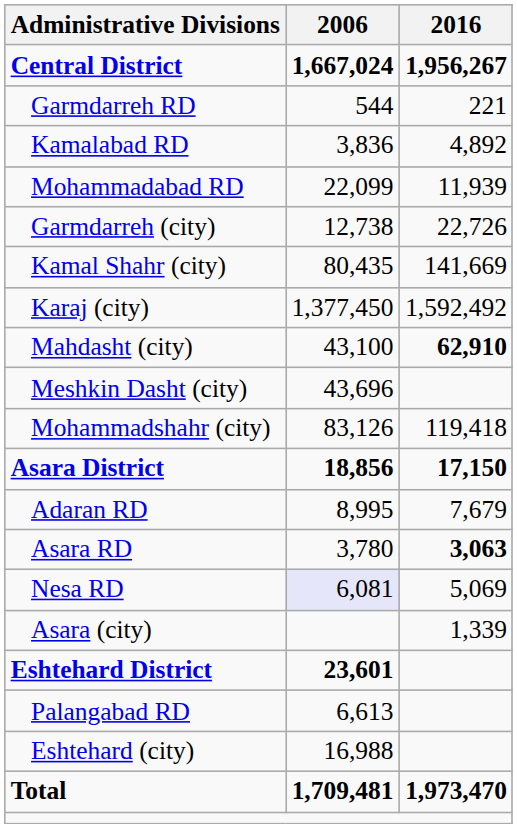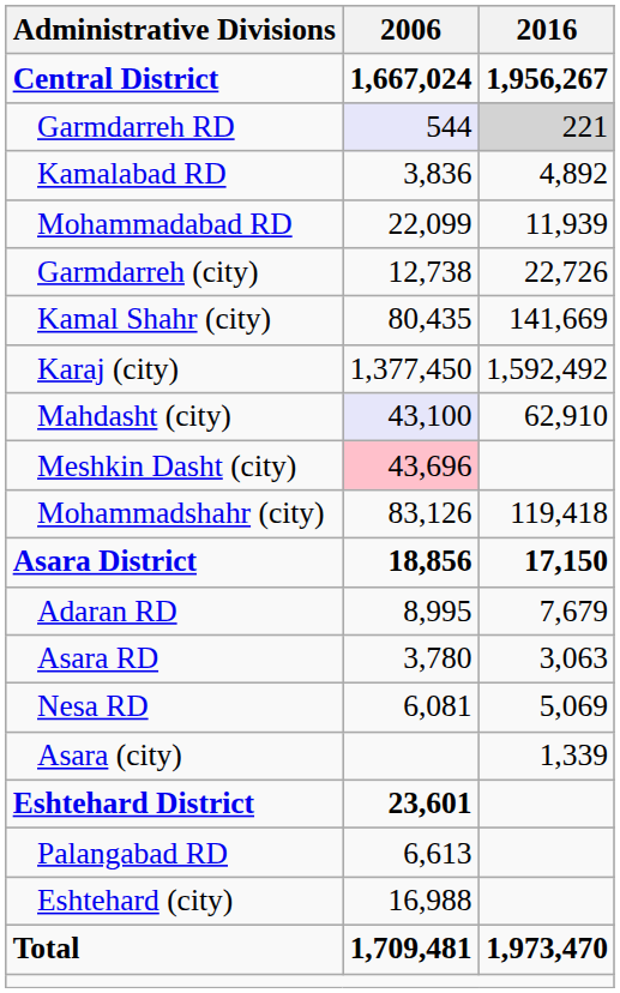 <table class="wikitable">
 <tr>
 <th>Administrative Divisions</th>
 <th>2006</th>
 <th>2016</th>
 </tr>
 <tr>
 <td><strong><a href='#'>Central District</a></strong></td>
 <td style="text-align: right;"><strong>1,667,024</strong></td>
 <td style="text-align: right;"><strong>1,956,267</strong></td>
 </tr>
 <tr>
 <td style="padding-left: 1em;"><a href='#'>Garmdarreh RD</a></td>
-<td style="text-align: right;">544</td>
-<td style="text-align: right;">221</td>
+<td style="background: lavender; text-align: right;">544</td>
+<td style="background: lightgrey; text-align: right;">221</td>
 </tr>
 <tr>
 <td style="padding-left: 1em;"><a href='#'>Kamalabad RD</a></td>
 <td style="text-align: right;">3,836</td>
 <td style="text-align: right;">4,892</td>
 </tr>
 <tr>
 <td style="padding-left: 1em;"><a href='#'>Mohammadabad RD</a></td>
 <td style="text-align: right;">22,099</td>
 <td style="text-align: right;">11,939</td>
 </tr>
 <tr>
 <td style="padding-left: 1em;"><a href='#'>Garmdarreh</a> (city)</td>
 <td style="text-align: right;">12,738</td>
 <td style="text-align: right;">22,726</td>
 </tr>
 <tr>
 <td style="padding-left: 1em;"><a href='#'>Kamal Shahr</a> (city)</td>
 <td style="text-align: right;">80,435</td>
 <td style="text-align: right;">141,669</td>
 </tr>
 <tr>
 <td style="padding-left: 1em;"><a href='#'>Karaj</a> (city)</td>
 <td style="text-align: right;">1,377,450</td>
 <td style="text-align: right;">1,592,492</td>
 </tr>
 <tr>
 <td style="padding-left: 1em;"><a href='#'>Mahdasht</a> (city)</td>
-<td style="text-align: right;">43,100</td>
-<td style="text-align: right;"><strong>62,910</strong></td>
+<td style="background: lavender; text-align: right;">43,100</td>
+<td style="text-align: right;">62,910</td>
 </tr>
 <tr>
 <td style="padding-left: 1em;"><a href='#'>Meshkin Dasht</a> (city)</td>
-<td style="text-align: right;">43,696</td>
+<td style="background: pink; text-align: right;">43,696</td>
 <td style="text-align: right;"></td>
 </tr>
 <tr>
 <td style="padding-left: 1em;"><a href='#'>Mohammadshahr</a> (city)</td>
 <td style="text-align: right;">83,126</td>
 <td style="text-align: right;">119,418</td>
 </tr>
 <tr>
 <td><strong><a href='#'>Asara District</a></strong></td>
 <td style="text-align: right;"><strong>18,856</strong></td>
 <td style="text-align: right;"><strong>17,150</strong></td>
 </tr>
 <tr>
 <td style="padding-left: 1em;"><a href='#'>Adaran RD</a></td>
 <td style="text-align: right;">8,995</td>
 <td style="text-align: right;">7,679</td>
 </tr>
 <tr>
 <td style="padding-left: 1em;"><a href='#'>Asara RD</a></td>
 <td style="text-align: right;">3,780</td>
-<td style="text-align: right;"><strong>3,063</strong></td>
+<td style="text-align: right;">3,063</td>
 </tr>
 <tr>
 <td style="padding-left: 1em;"><a href='#'>Nesa RD</a></td>
-<td style="background: lavender; text-align: right;">6,081</td>
+<td style="text-align: right;">6,081</td>
 <td style="text-align: right;">5,069</td>
 </tr>
 <tr>
 <td style="padding-left: 1em;"><a href='#'>Asara</a> (city)</td>
 <td style="text-align: right;"></td>
 <td style="text-align: right;">1,339</td>
 </tr>
 <tr>
 <td><strong><a href='#'>Eshtehard District</a></strong></td>
 <td style="text-align: right;"><strong>23,601</strong></td>
 <td style="text-align: right;"></td>
 </tr>
 <tr>
 <td style="padding-left: 1em;"><a href='#'>Palangabad RD</a></td>
 <td style="text-align: right;">6,613</td>
 <td style="text-align: right;"></td>
 </tr>
 <tr>
 <td style="padding-left: 1em;"><a href='#'>Eshtehard</a> (city)</td>
 <td style="text-align: right;">16,988</td>
 <td style="text-align: right;"></td>
 </tr>
 <tr>
 <td><strong>Total</strong></td>
 <td style="text-align: right;"><strong>1,709,481</strong></td>
 <td style="text-align: right;"><strong>1,973,470</strong></td>
 </tr>
 <tr>
 <td colspan=4></td>
 </tr>
 </table>
